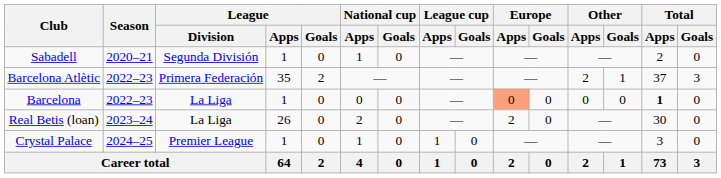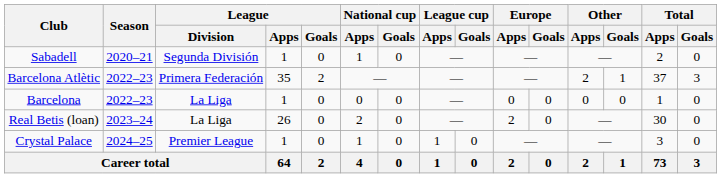 <table class="wikitable" style="text-align: center">
 <tr>
 <th rowspan="2">Club</th>
 <th rowspan="2">Season</th>
 <th colspan="3">League</th>
 <th colspan="2">National cup</th>
 <th colspan="2">League cup</th>
 <th colspan="2">Europe</th>
 <th colspan="2">Other</th>
 <th colspan="2">Total</th>
 </tr>
 <tr>
 <th>Division</th>
 <th>Apps</th>
 <th>Goals</th>
 <th>Apps</th>
 <th>Goals</th>
 <th>Apps</th>
 <th>Goals</th>
 <th>Apps</th>
 <th>Goals</th>
 <th>Apps</th>
 <th>Goals</th>
 <th>Apps</th>
 <th>Goals</th>
 </tr>
 <tr>
 <td><a href='#'>Sabadell</a></td>
 <td><a href='#'>2020–21</a></td>
 <td><a href='#'>Segunda División</a></td>
 <td>1</td>
 <td>0</td>
 <td>1</td>
 <td>0</td>
 <td colspan="2">—</td>
 <td colspan="2">—</td>
 <td colspan="2">—</td>
 <td>2</td>
 <td>0</td>
 </tr>
 <tr>
 <td><a href='#'>Barcelona Atlètic</a></td>
 <td><a href='#'>2022–23</a></td>
 <td><a href='#'>Primera Federación</a></td>
 <td>35</td>
 <td>2</td>
 <td colspan="2">—</td>
 <td colspan="2">—</td>
 <td colspan="2">—</td>
 <td>2</td>
 <td>1</td>
 <td>37</td>
 <td>3</td>
 </tr>
 <tr>
 <td><a href='#'>Barcelona</a></td>
 <td><a href='#'>2022–23</a></td>
 <td><a href='#'>La Liga</a></td>
 <td>1</td>
 <td>0</td>
 <td>0</td>
 <td>0</td>
 <td colspan="2">—</td>
-<td style="background: lightsalmon;">0</td>
 <td>0</td>
 <td>0</td>
 <td>0</td>
-<td><strong>1</strong></td>
+<td>0</td>
+<td>1</td>
 <td>0</td>
 </tr>
 <tr>
 <td><a href='#'>Real Betis</a> (loan)</td>
 <td><a href='#'>2023–24</a></td>
 <td>La Liga</td>
 <td>26</td>
 <td>0</td>
 <td>2</td>
 <td>0</td>
 <td colspan="2">—</td>
 <td>2</td>
 <td>0</td>
 <td colspan="2">—</td>
 <td>30</td>
 <td>0</td>
 </tr>
 <tr>
 <td><a href='#'>Crystal Palace</a></td>
 <td><a href='#'>2024–25</a></td>
 <td><a href='#'>Premier League</a></td>
 <td>1</td>
 <td>0</td>
 <td>1</td>
 <td>0</td>
 <td>1</td>
 <td>0</td>
 <td colspan="2">—</td>
 <td colspan="2">—</td>
 <td>3</td>
 <td>0</td>
 </tr>
 <tr>
 <th colspan="3">Career total</th>
 <th>64</th>
 <th>2</th>
 <th>4</th>
 <th>0</th>
 <th>1</th>
 <th>0</th>
 <th>2</th>
 <th>0</th>
 <th>2</th>
 <th>1</th>
 <th>73</th>
 <th>3</th>
 </tr>
 </table>
